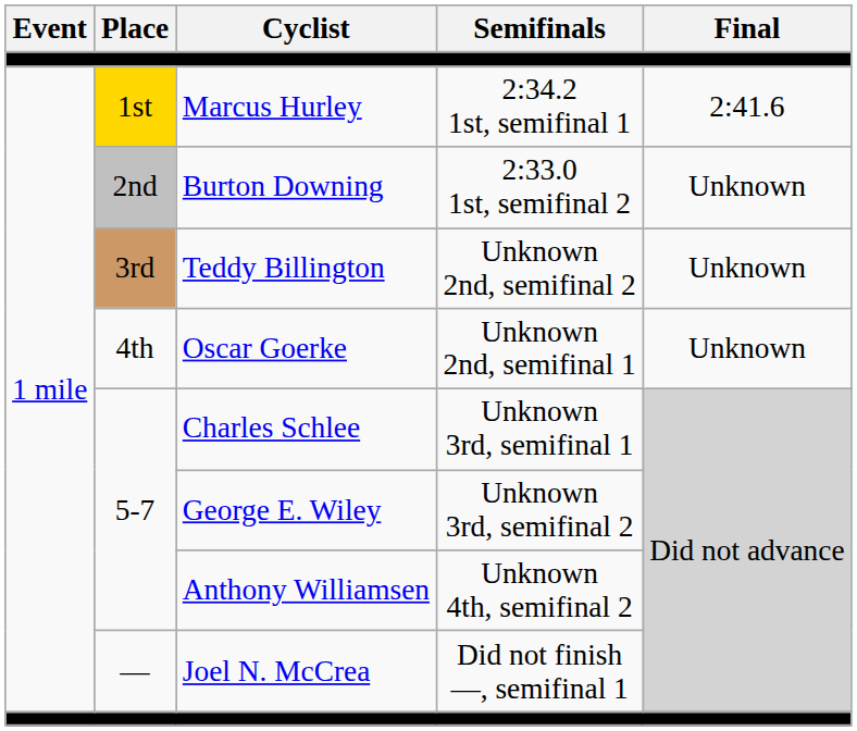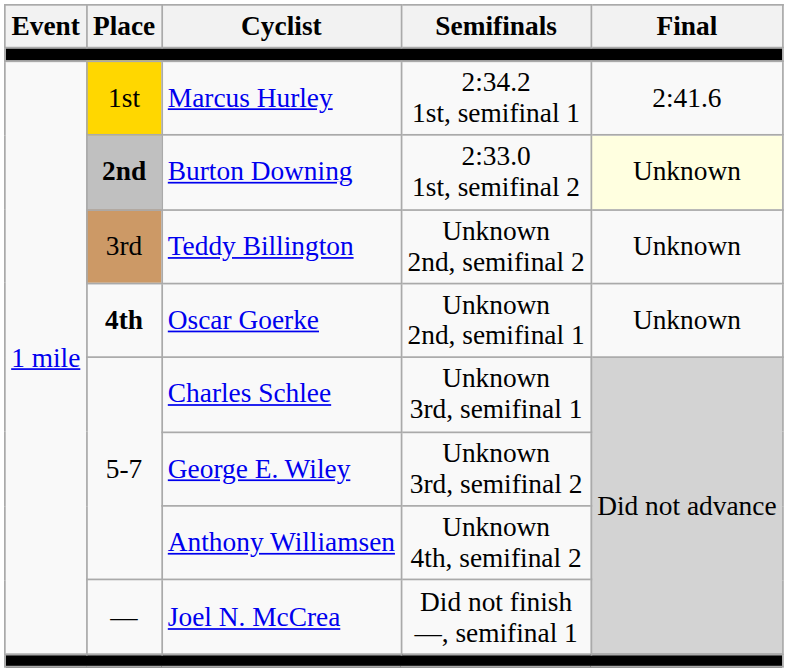 <table class=wikitable>
 <tr>
 <th>Event</th>
 <th>Place</th>
 <th>Cyclist</th>
 <th>Semifinals</th>
 <th>Final</th>
 </tr>
 <tr bgcolor=black>
 <td colspan=5></td>
 </tr>
 <tr align=center>
 <td rowspan=8><a href='#'>1 mile</a></td>
 <td bgcolor=gold>1st</td>
 <td align=left><a href='#'>Marcus Hurley</a></td>
 <td>2:34.2 <br> 1st, semifinal 1</td>
 <td>2:41.6</td>
 </tr>
 <tr align=center>
-<td bgcolor=silver>2nd</td>
+<td bgcolor=silver><strong>2nd</strong></td>
 <td align=left><a href='#'>Burton Downing</a></td>
 <td>2:33.0 <br> 1st, semifinal 2</td>
-<td>Unknown</td>
+<td style="background: lightyellow;">Unknown</td>
 </tr>
 <tr align=center>
 <td bgcolor=cc9966>3rd</td>
 <td align=left><a href='#'>Teddy Billington</a></td>
 <td>Unknown <br> 2nd, semifinal 2</td>
 <td>Unknown</td>
 </tr>
 <tr align=center>
-<td>4th</td>
+<td><strong>4th</strong></td>
 <td align=left><a href='#'>Oscar Goerke</a></td>
 <td>Unknown <br> 2nd, semifinal 1</td>
 <td>Unknown</td>
 </tr>
 <tr align=center>
 <td rowspan=3>5-7</td>
 <td align=left><a href='#'>Charles Schlee</a></td>
 <td>Unknown <br> 3rd, semifinal 1</td>
 <td rowspan=4 bgcolor=lightgray>Did not advance</td>
 </tr>
 <tr align=center>
 <td align=left><a href='#'>George E. Wiley</a></td>
 <td>Unknown <br> 3rd, semifinal 2</td>
 </tr>
 <tr align=center>
 <td align=left><a href='#'>Anthony Williamsen</a></td>
 <td>Unknown <br> 4th, semifinal 2</td>
 </tr>
 <tr align=center>
 <td>—</td>
 <td align=left><a href='#'>Joel N. McCrea</a></td>
 <td>Did not finish <br> —, semifinal 1</td>
 </tr>
 <tr bgcolor=black>
 <td colspan=5></td>
 </tr>
 </table>
